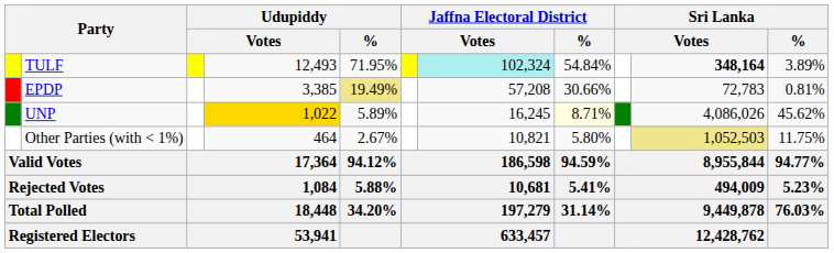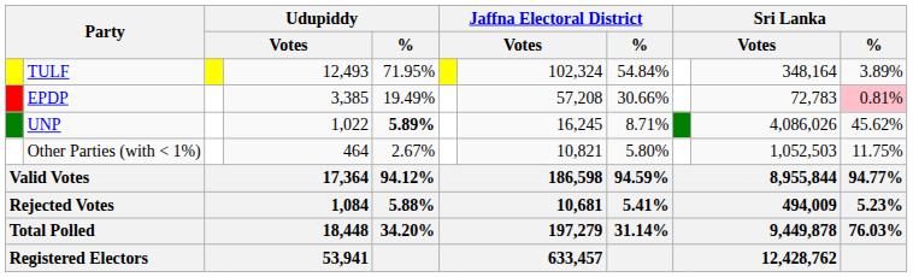 <table class="wikitable">
 <tr>
 <th colspan="2" width="144px"rowspan="2">Party</th>
 <th colspan="3" width="216px">Udupiddy</th>
 <th colspan="3" width="216px"><a href='#'>Jaffna Electoral District</a></th>
 <th colspan="3" width="216px">Sri Lanka</th>
 </tr>
 <tr>
 <th colspan="2" width="144px">Votes</th>
 <th>%</th>
 <th colspan="2" width="144px">Votes</th>
 <th>%</th>
 <th colspan="2" width="144px">Votes</th>
 <th>%</th>
 </tr>
 <tr>
 <td style="background-color:yellow;" width="10px"></td>
 <td style="text-align:left;"><a href='#'>TULF</a></td>
 <td style="background-color:yellow;" width="10px"></td>
 <td style="text-align:right;">12,493</td>
 <td style="text-align:right;">71.95%</td>
 <td style="background-color:yellow;" width="10px"></td>
-<td style="background: paleturquoise; text-align:right;">102,324</td>
+<td style="text-align:right;">102,324</td>
 <td style="text-align:right;">54.84%</td>
 <td style="background-color:white;" width="10px"></td>
-<td style="text-align:right;"><strong>348,164</strong></td>
+<td style="text-align:right;">348,164</td>
 <td style="text-align:right;">3.89%</td>
 </tr>
 <tr>
 <td style="background-color:red;" width="10px"></td>
 <td style="text-align:left;"><a href='#'>EPDP</a></td>
 <td style="background-color:white;" width="10px"></td>
 <td style="text-align:right;">3,385</td>
-<td style="background: khaki; text-align:right;">19.49%</td>
+<td style="text-align:right;">19.49%</td>
 <td style="background-color:white;" width="10px"></td>
 <td style="text-align:right;">57,208</td>
 <td style="text-align:right;">30.66%</td>
 <td style="background-color:white;" width="10px"></td>
 <td style="text-align:right;">72,783</td>
-<td style="text-align:right;">0.81%</td>
+<td style="background: pink; text-align:right;">0.81%</td>
 </tr>
 <tr>
 <td style="background-color:green;" width="10px"></td>
 <td style="text-align:left;"><a href='#'>UNP</a></td>
 <td style="background-color:white;" width="10px"></td>
-<td style="background: gold; text-align:right;">1,022</td>
-<td style="text-align:right;">5.89%</td>
+<td style="text-align:right;">1,022</td>
+<td style="text-align:right;"><strong>5.89%</strong></td>
 <td style="background-color:white;" width="10px"></td>
 <td style="text-align:right;">16,245</td>
-<td style="background: lightyellow; text-align:right;">8.71%</td>
+<td style="text-align:right;">8.71%</td>
 <td style="background-color:green;" width="10px"></td>
 <td style="text-align:right;">4,086,026</td>
 <td style="text-align:right;">45.62%</td>
 </tr>
 <tr>
 <td style="background-color:white;" width="10px"></td>
 <td style="text-align:left;">Other Parties (with < 1%)</td>
 <td style="background-color:white;" width="10px"></td>
 <td style="text-align:right;">464</td>
 <td style="text-align:right;">2.67%</td>
 <td style="background-color:white;" width="10px"></td>
 <td style="text-align:right;">10,821</td>
 <td style="text-align:right;">5.80%</td>
 <td style="background-color:white;" width="10px"></td>
-<td style="background: khaki; text-align:right;">1,052,503</td>
+<td style="text-align:right;">1,052,503</td>
 <td style="text-align:right;">11.75%</td>
 </tr>
 <tr>
 <th colspan="2" width="144px"style="text-align:left;">Valid Votes</th>
 <th style="text-align:right;"colspan="2" width="144px">17,364</th>
 <th style="text-align:right;">94.12%</th>
 <th style="text-align:right;"colspan="2" width="144px">186,598</th>
 <th style="text-align:right;">94.59%</th>
 <th style="text-align:right;"colspan="2" width="144px">8,955,844</th>
 <th style="text-align:right;">94.77%</th>
 </tr>
 <tr>
 <th colspan="2" width="144px"style="text-align:left;">Rejected Votes</th>
 <th style="text-align:right;"colspan="2" width="144px">1,084</th>
 <th style="text-align:right;">5.88%</th>
 <th style="text-align:right;"colspan="2" width="144px">10,681</th>
 <th style="text-align:right;">5.41%</th>
 <th style="text-align:right;"colspan="2" width="144px">494,009</th>
 <th style="text-align:right;">5.23%</th>
 </tr>
 <tr>
 <th colspan="2" width="144px"style="text-align:left;">Total Polled</th>
 <th style="text-align:right;"colspan="2" width="144px">18,448</th>
 <th style="text-align:right;">34.20%</th>
 <th style="text-align:right;"colspan="2" width="144px">197,279</th>
 <th style="text-align:right;">31.14%</th>
 <th style="text-align:right;"colspan="2" width="144px">9,449,878</th>
 <th style="text-align:right;">76.03%</th>
 </tr>
 <tr>
 <th colspan="2" width="144px"style="text-align:left;">Registered Electors</th>
 <th style="text-align:right;"colspan="2" width="144px">53,941</th>
 <th></th>
 <th style="text-align:right;"colspan="2" width="144px">633,457</th>
 <th></th>
 <th style="text-align:right;"colspan="2" width="144px">12,428,762</th>
 <th></th>
 </tr>
 </table>
